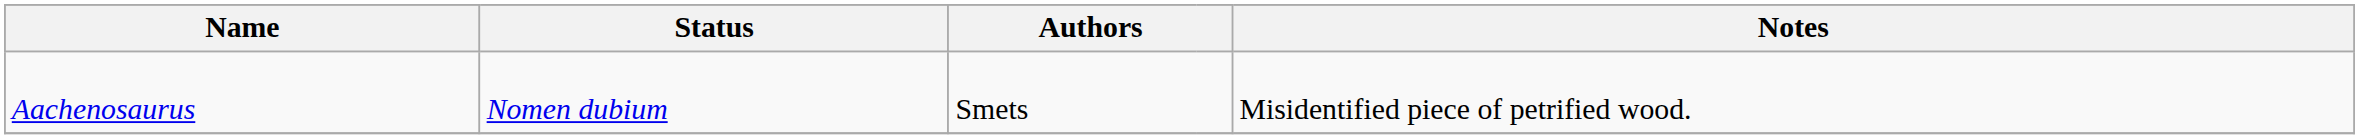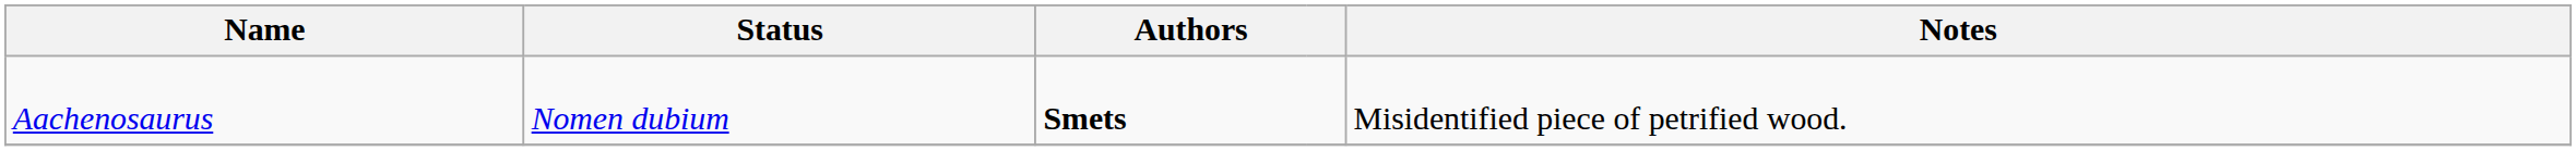 <table class="wikitable sortable" align="center" width="100%">
 <tr>
 <th>Name</th>
 <th>Status</th>
 <th colspan="2">Authors</th>
 <th>Notes</th>
 </tr>
 <tr>
 <td><br><em><a href='#'>Aachenosaurus</a></em></td>
 <td><br><em><a href='#'>Nomen dubium</a></em></td>
-<td style="border-right:0px" valign="top"><br>Smets</td>
+<td style="border-right:0px" valign="top"><strong><br>Smets</strong></td>
 <td style="border-left:0px" valign="top"></td>
 <td><br>Misidentified piece of petrified wood.</td>
 </tr>
 <tr>
 </tr>
 </table>
